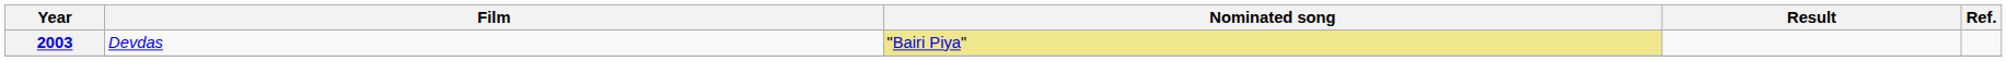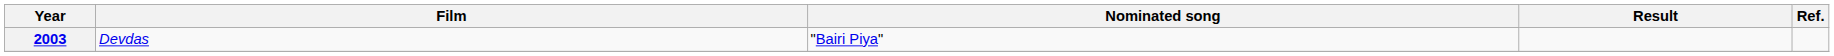 <table class="wikitable plainrowheaders" width="100%" textcolor:#000;">
 <tr>
 <th scope="col" width=5%><strong>Year</strong></th>
 <th scope="col" width=39%><strong>Film</strong></th>
 <th scope="col" width=39%><strong>Nominated song</strong></th>
 <th scope="col" width=15%><strong>Result</strong></th>
 <th scope="col" width=2%><strong>Ref.</strong></th>
 </tr>
 <tr>
 <th scope="row"><a href='#'>2003</a></th>
 <td><em><a href='#'>Devdas</a></em></td>
-<td style="background: khaki;">"<a href='#'>Bairi Piya</a>"</td>
+<td>"<a href='#'>Bairi Piya</a>"</td>
 <td></td>
 <td></td>
 </tr>
 <tr>
 </tr>
 </table>
